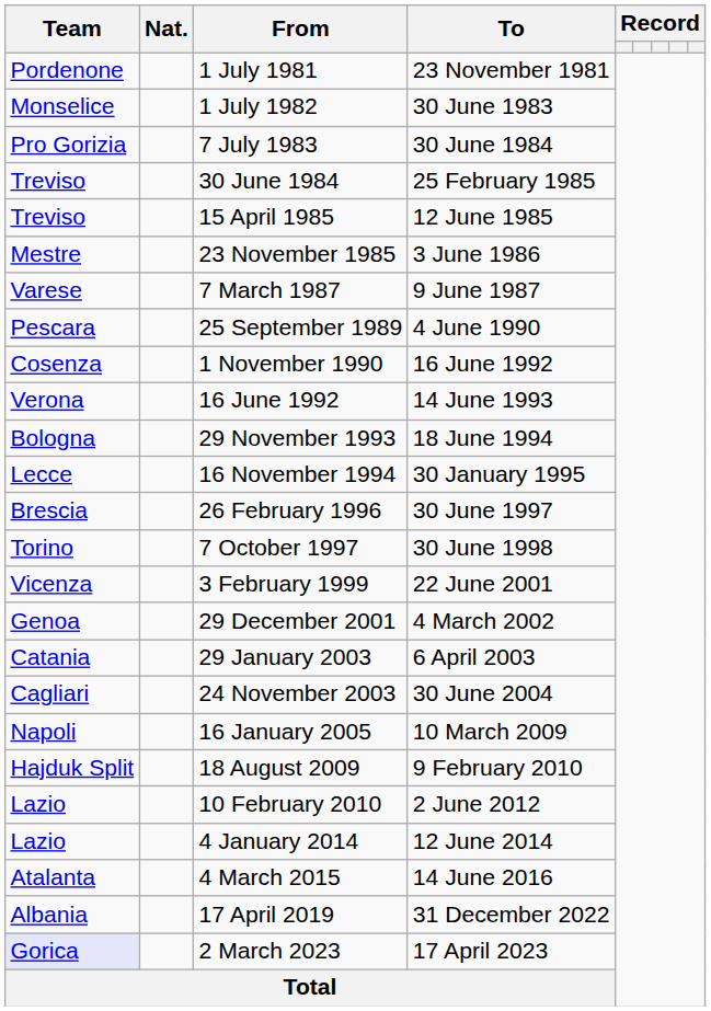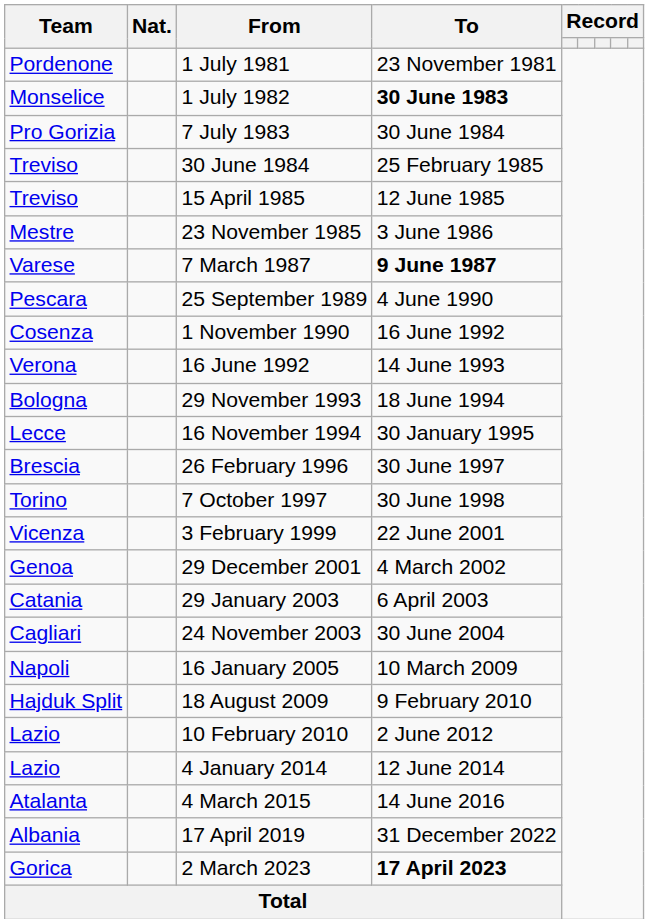 <table class="wikitable" style="text-align:center">
 <tr>
 <th rowspan="2">Team</th>
 <th rowspan="2">Nat.</th>
 <th rowspan="2">From</th>
 <th rowspan="2">To</th>
 <th colspan=5>Record</th>
 </tr>
 <tr>
 <th></th>
 <th></th>
 <th></th>
 <th></th>
 <th></th>
 </tr>
 <tr>
 <td align=left><a href='#'>Pordenone</a></td>
 <td></td>
 <td align=left>1 July 1981</td>
 <td align=left>23 November 1981<br></td>
 </tr>
 <tr>
 <td align=left><a href='#'>Monselice</a></td>
 <td></td>
 <td align=left>1 July 1982</td>
-<td align=left>30 June 1983<br></td>
+<td align=left><strong>30 June 1983<br></strong></td>
 </tr>
 <tr>
 <td align=left><a href='#'>Pro Gorizia</a></td>
 <td></td>
 <td align=left>7 July 1983</td>
 <td align=left>30 June 1984<br></td>
 </tr>
 <tr>
 <td align=left><a href='#'>Treviso</a></td>
 <td></td>
 <td align=left>30 June 1984</td>
 <td align=left>25 February 1985<br></td>
 </tr>
 <tr>
 <td align=left><a href='#'>Treviso</a></td>
 <td></td>
 <td align=left>15 April 1985</td>
 <td align=left>12 June 1985<br></td>
 </tr>
 <tr>
 <td align=left><a href='#'>Mestre</a></td>
 <td></td>
 <td align=left>23 November 1985</td>
 <td align=left>3 June 1986<br></td>
 </tr>
 <tr>
 <td align=left><a href='#'>Varese</a></td>
 <td></td>
 <td align=left>7 March 1987</td>
-<td align=left>9 June 1987<br></td>
+<td align=left><strong>9 June 1987<br></strong></td>
 </tr>
 <tr>
 <td align=left><a href='#'>Pescara</a></td>
 <td></td>
 <td align=left>25 September 1989</td>
 <td align=left>4 June 1990<br></td>
 </tr>
 <tr>
 <td align=left><a href='#'>Cosenza</a></td>
 <td></td>
 <td align=left>1 November 1990</td>
 <td align=left>16 June 1992<br></td>
 </tr>
 <tr>
 <td align=left><a href='#'>Verona</a></td>
 <td></td>
 <td align=left>16 June 1992</td>
 <td align=left>14 June 1993<br></td>
 </tr>
 <tr>
 <td align=left><a href='#'>Bologna</a></td>
 <td></td>
 <td align=left>29 November 1993</td>
 <td align=left>18 June 1994<br></td>
 </tr>
 <tr>
 <td align=left><a href='#'>Lecce</a></td>
 <td></td>
 <td align=left>16 November 1994</td>
 <td align=left>30 January 1995<br></td>
 </tr>
 <tr>
 <td align=left><a href='#'>Brescia</a></td>
 <td></td>
 <td align=left>26 February 1996</td>
 <td align=left>30 June 1997<br></td>
 </tr>
 <tr>
 <td align=left><a href='#'>Torino</a></td>
 <td></td>
 <td align=left>7 October 1997</td>
 <td align=left>30 June 1998<br></td>
 </tr>
 <tr>
 <td align=left><a href='#'>Vicenza</a></td>
 <td></td>
 <td align=left>3 February 1999</td>
 <td align=left>22 June 2001<br></td>
 </tr>
 <tr>
 <td align=left><a href='#'>Genoa</a></td>
 <td></td>
 <td align=left>29 December 2001</td>
 <td align=left>4 March 2002<br></td>
 </tr>
 <tr>
 <td align=left><a href='#'>Catania</a></td>
 <td></td>
 <td align=left>29 January 2003</td>
 <td align=left>6 April 2003<br></td>
 </tr>
 <tr>
 <td align=left><a href='#'>Cagliari</a></td>
 <td></td>
 <td align=left>24 November 2003</td>
 <td align=left>30 June 2004<br></td>
 </tr>
 <tr>
 <td align=left><a href='#'>Napoli</a></td>
 <td></td>
 <td align=left>16 January 2005</td>
 <td align=left>10 March 2009<br></td>
 </tr>
 <tr>
 <td align=left><a href='#'>Hajduk Split</a></td>
 <td></td>
 <td align=left>18 August 2009</td>
 <td align=left>9 February 2010<br></td>
 </tr>
 <tr>
 <td align=left><a href='#'>Lazio</a></td>
 <td></td>
 <td align=left>10 February 2010</td>
 <td align=left>2 June 2012<br></td>
 </tr>
 <tr>
 <td align=left><a href='#'>Lazio</a></td>
 <td></td>
 <td align=left>4 January 2014</td>
 <td align=left>12 June 2014<br></td>
 </tr>
 <tr>
 <td align=left><a href='#'>Atalanta</a></td>
 <td></td>
 <td align=left>4 March 2015</td>
 <td align=left>14 June 2016<br></td>
 </tr>
 <tr>
 <td align=left><a href='#'>Albania</a></td>
 <td></td>
 <td align=left>17 April 2019</td>
 <td align=left>31 December 2022<br></td>
 </tr>
 <tr>
-<td align=left style="background: lavender;"><a href='#'>Gorica</a></td>
+<td align=left><a href='#'>Gorica</a></td>
 <td></td>
 <td align=left>2 March 2023</td>
-<td align=left>17 April 2023<br></td>
+<td align=left><strong>17 April 2023<br></strong></td>
 </tr>
 <tr>
 <th colspan="4">Total<br></th>
 </tr>
 </table>
